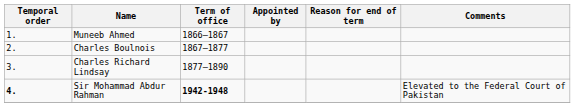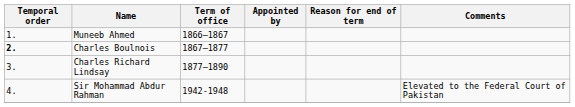 <table class="wikitable">
 <tr>
 <th>Temporal order</th>
 <th>Name</th>
 <th>Term of office</th>
 <th>Appointed by</th>
 <th>Reason for end of term</th>
 <th>Comments</th>
 </tr>
 <tr>
 <td>1.</td>
 <td>Muneeb Ahmed</td>
 <td>1866–1867</td>
 <td></td>
 <td></td>
 <td></td>
 </tr>
 <tr>
-<td>2.</td>
+<td><strong>2.</strong></td>
 <td>Charles Boulnois</td>
 <td>1867–1877</td>
 <td></td>
 <td></td>
 <td></td>
 </tr>
 <tr>
 <td>3.</td>
 <td>Charles Richard Lindsay</td>
 <td>1877–1890</td>
 <td></td>
 <td></td>
 <td></td>
 </tr>
 <tr>
-<td><strong>4.</strong></td>
+<td>4.</td>
 <td>Sir Mohammad Abdur Rahman</td>
-<td><strong>1942-1948</strong></td>
+<td>1942-1948</td>
 <td></td>
 <td></td>
 <td>Elevated to the Federal Court of Pakistan</td>
 </tr>
 <tr>
 </tr>
 </table>
